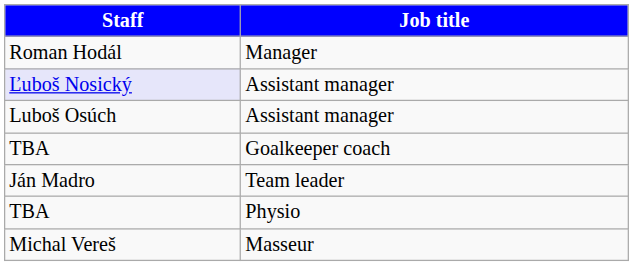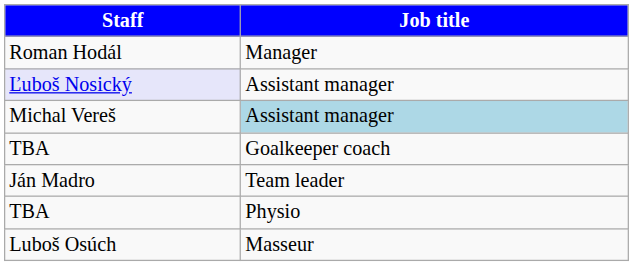 <table class="wikitable">
 <tr>
 <th style="color:white; background:blue;" width=180>Staff</th>
 <th style="color:white; background:blue;" width=300>Job title</th>
 </tr>
 <tr>
 <td> Roman Hodál</td>
 <td>Manager</td>
 </tr>
 <tr>
 <td style="background: lavender;"> <a href='#'>Ľuboš Nosický</a></td>
 <td>Assistant manager</td>
 </tr>
 <tr>
-<td> Luboš Osúch</td>
-<td>Assistant manager</td>
+<td> Michal Vereš</td>
+<td style="background: lightblue;">Assistant manager</td>
 </tr>
 <tr>
 <td>TBA</td>
 <td>Goalkeeper coach</td>
 </tr>
 <tr>
 <td> Ján Madro</td>
 <td>Team leader</td>
 </tr>
 <tr>
 <td>TBA</td>
 <td>Physio</td>
 </tr>
 <tr>
-<td> Michal Vereš</td>
+<td> Luboš Osúch</td>
 <td>Masseur</td>
 </tr>
 </table>
